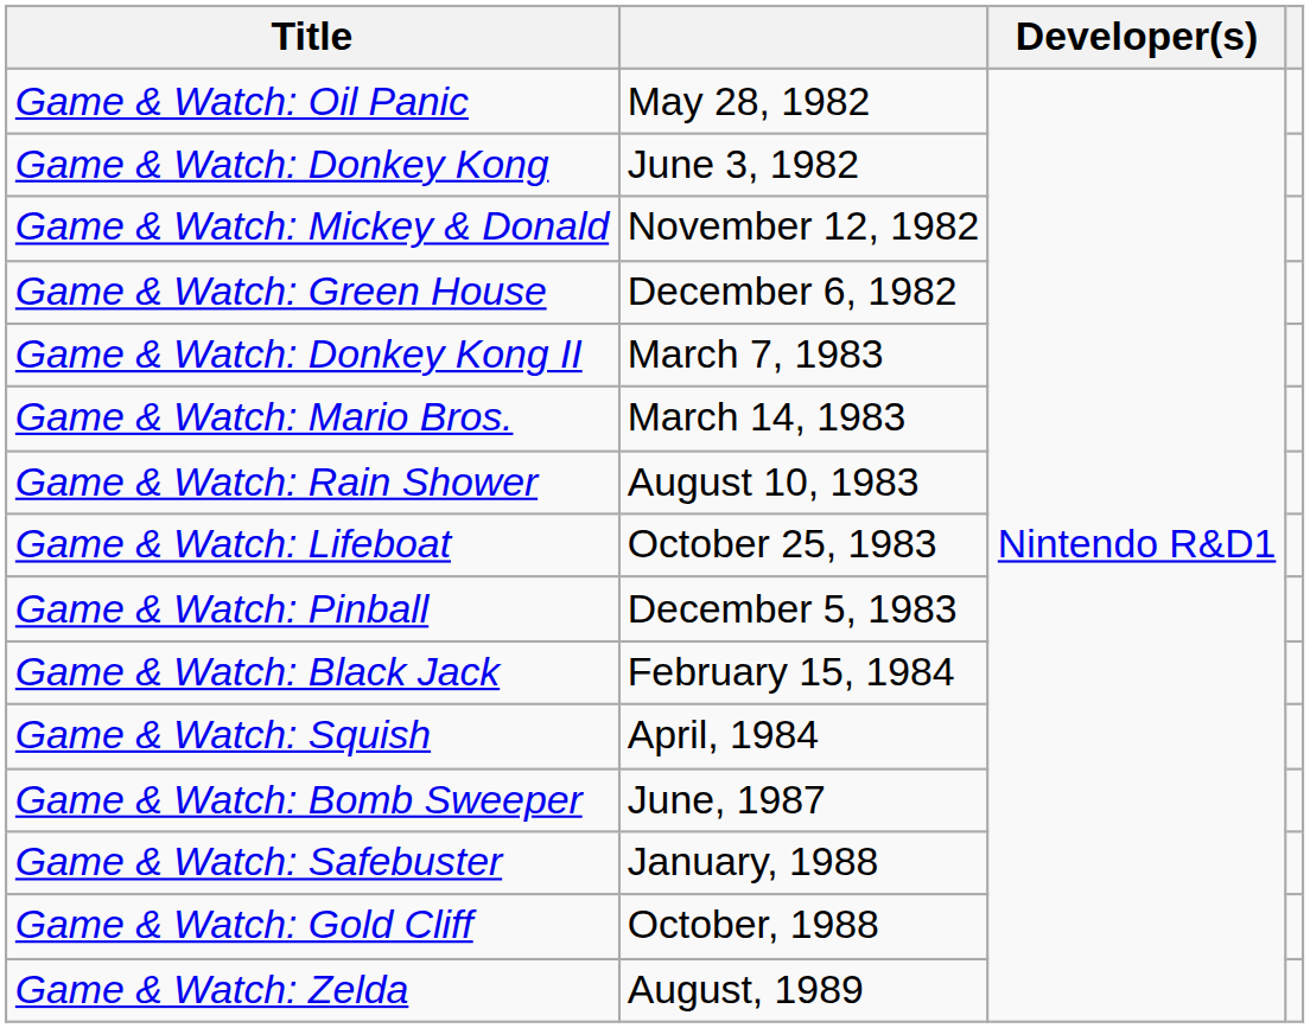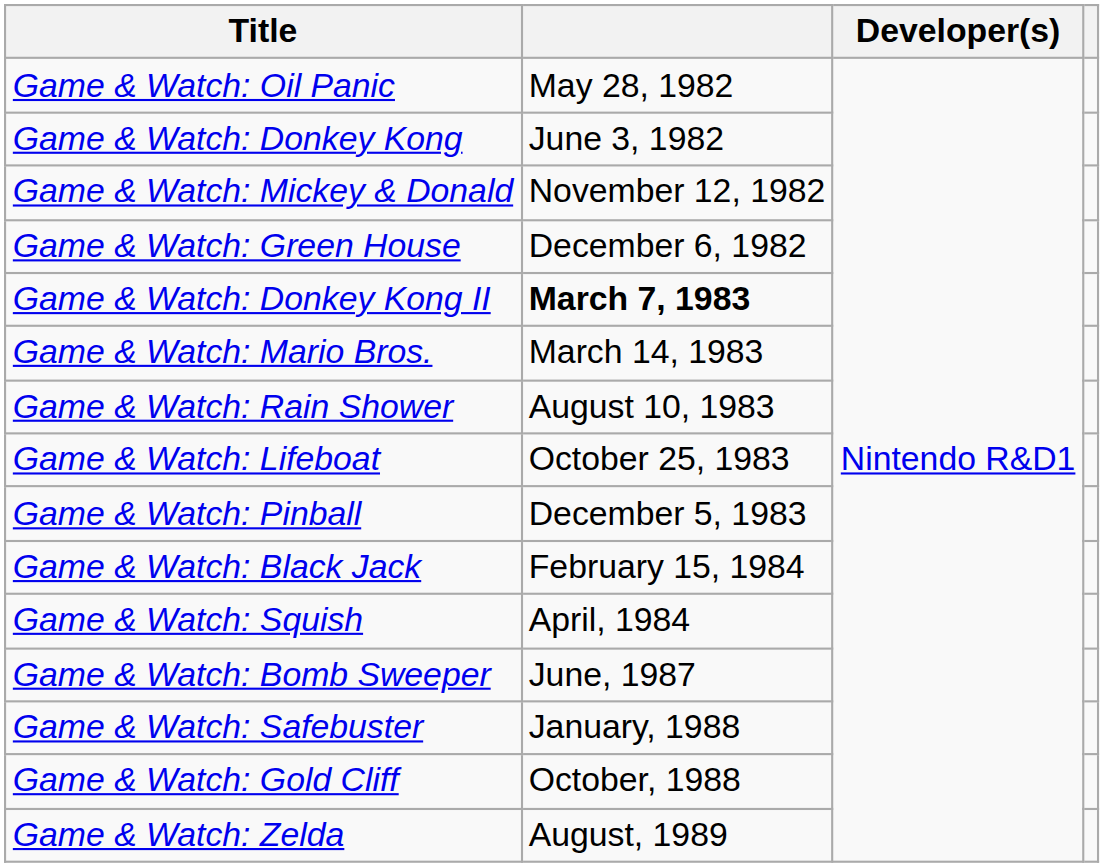 <table class="wikitable plainrowheaders sortable">
 <tr>
 <th scope="col">Title</th>
 <th scope="col" data-sort-type="date"></th>
 <th scope="col">Developer(s)</th>
 <th scope="col" class="unsortable"></th>
 </tr>
 <tr>
 <td><em><a href='#'>Game & Watch: Oil Panic</a></em></td>
 <td>May 28, 1982</td>
 <td rowspan="15"><a href='#'>Nintendo R&D1</a></td>
 <td></td>
 </tr>
 <tr>
 <td><em><a href='#'>Game & Watch: Donkey Kong</a></em></td>
 <td>June 3, 1982</td>
 <td></td>
 </tr>
 <tr>
 <td><em><a href='#'>Game & Watch: Mickey & Donald</a></em></td>
 <td>November 12, 1982</td>
 <td></td>
 </tr>
 <tr>
 <td><em><a href='#'>Game & Watch: Green House</a></em></td>
 <td>December 6, 1982</td>
 <td></td>
 </tr>
 <tr>
 <td><em><a href='#'>Game & Watch: Donkey Kong II</a></em></td>
-<td>March 7, 1983</td>
+<td><strong>March 7, 1983</strong></td>
 <td></td>
 </tr>
 <tr>
 <td><em><a href='#'>Game & Watch: Mario Bros.</a></em></td>
 <td>March 14, 1983</td>
 <td></td>
 </tr>
 <tr>
 <td><em><a href='#'>Game & Watch: Rain Shower</a></em></td>
 <td>August 10, 1983</td>
 <td></td>
 </tr>
 <tr>
 <td><em><a href='#'>Game & Watch: Lifeboat</a></em></td>
 <td>October 25, 1983</td>
 <td></td>
 </tr>
 <tr>
 <td><em><a href='#'>Game & Watch: Pinball</a></em></td>
 <td>December 5, 1983</td>
 <td></td>
 </tr>
 <tr>
 <td><em><a href='#'>Game & Watch: Black Jack</a></em></td>
 <td>February 15, 1984</td>
 <td></td>
 </tr>
 <tr>
 <td><em><a href='#'>Game & Watch: Squish</a></em></td>
 <td>April, 1984</td>
 <td></td>
 </tr>
 <tr>
 <td><em><a href='#'>Game & Watch: Bomb Sweeper</a></em></td>
 <td>June, 1987</td>
 <td></td>
 </tr>
 <tr>
 <td><em><a href='#'>Game & Watch: Safebuster</a></em></td>
 <td>January, 1988</td>
 <td></td>
 </tr>
 <tr>
 <td><em><a href='#'>Game & Watch: Gold Cliff</a></em></td>
 <td>October, 1988</td>
 <td></td>
 </tr>
 <tr>
 <td><em><a href='#'>Game & Watch: Zelda</a></em></td>
 <td>August, 1989</td>
 <td></td>
 </tr>
 </table>
